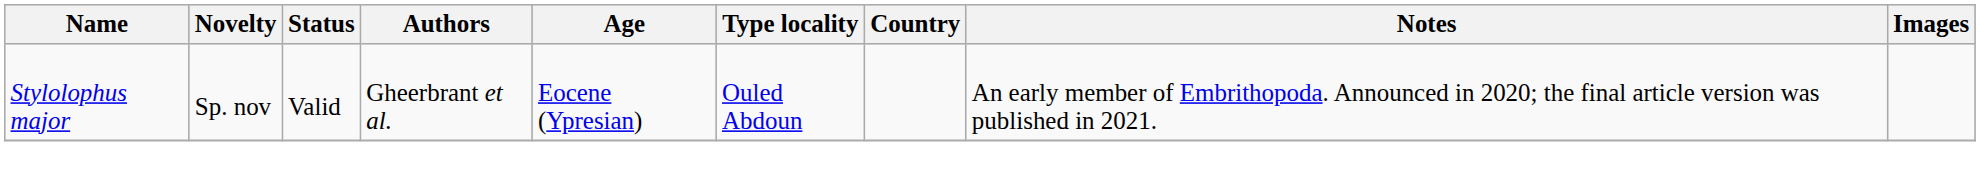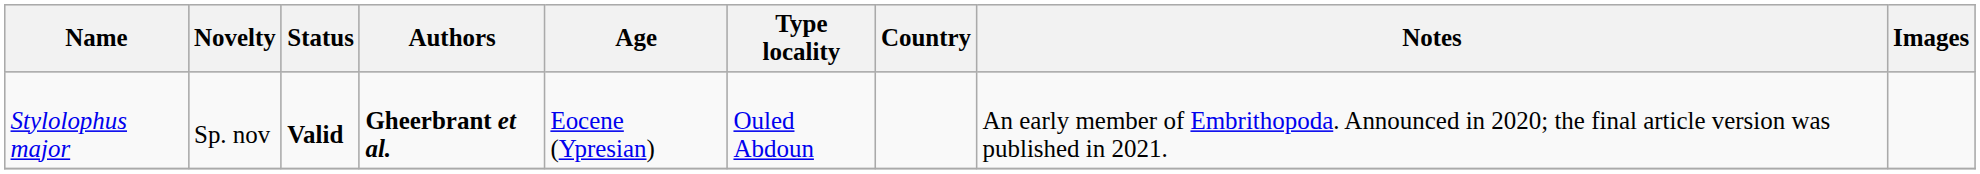 <table class="wikitable sortable" align="center" width="100%">
 <tr>
 <th>Name</th>
 <th>Novelty</th>
 <th>Status</th>
 <th>Authors</th>
 <th>Age</th>
 <th>Type locality</th>
 <th>Country</th>
 <th>Notes</th>
 <th>Images</th>
 </tr>
 <tr>
 <td><br><em><a href='#'>Stylolophus major</a></em></td>
 <td><br>Sp. nov</td>
-<td><br>Valid</td>
-<td><br>Gheerbrant <em>et al.</em></td>
+<td><strong><br>Valid</strong></td>
+<td><strong><br>Gheerbrant <em>et al.</em></strong></td>
 <td><br><a href='#'>Eocene</a> (<a href='#'>Ypresian</a>)</td>
 <td><br><a href='#'>Ouled Abdoun</a></td>
 <td><br></td>
 <td><br>An early member of <a href='#'>Embrithopoda</a>. Announced in 2020; the final article version was published in 2021.</td>
 <td></td>
 </tr>
 <tr>
 </tr>
 </table>
